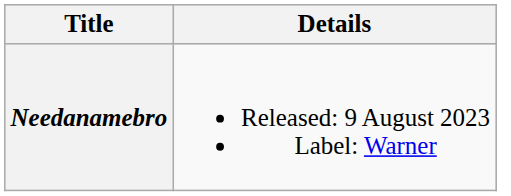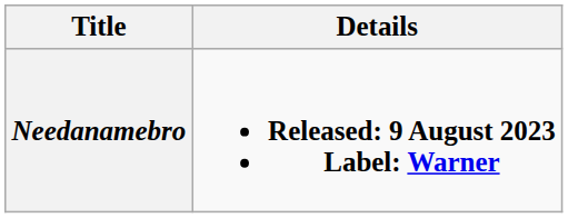 <table class="wikitable plainrowheaders" style="text-align:center;">
 <tr>
 <th scope="col">Title</th>
 <th scope="col">Details</th>
 </tr>
 <tr>
 <th scope="row"><em>Needanamebro</em></th>
-<td><br><ul><li>Released: 9 August 2023</li><li>Label: <a href='#'>Warner</a></li></ul></td>
+<td><strong><br><ul><li>Released: 9 August 2023</li><li>Label: <a href='#'>Warner</a></li></ul></strong></td>
 </tr>
 </table>
